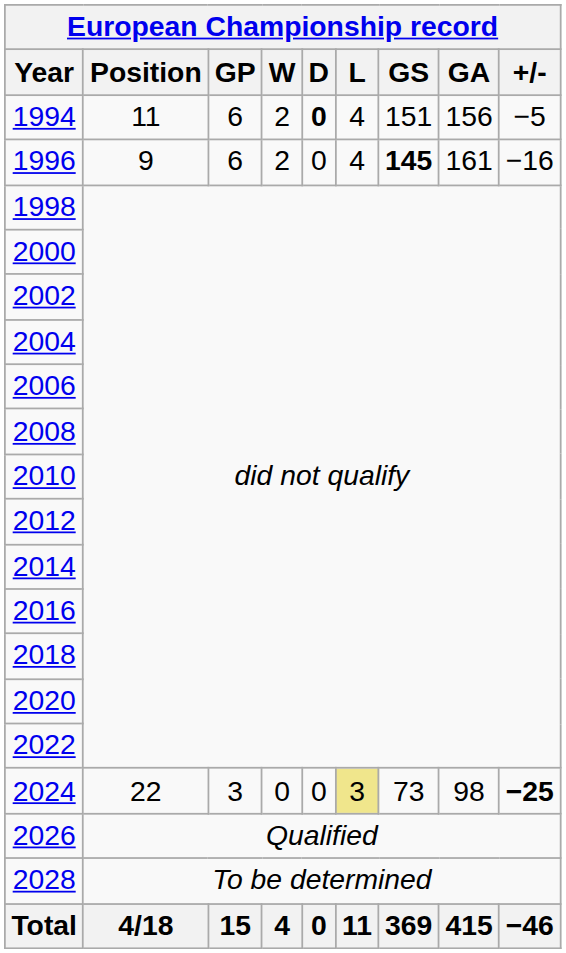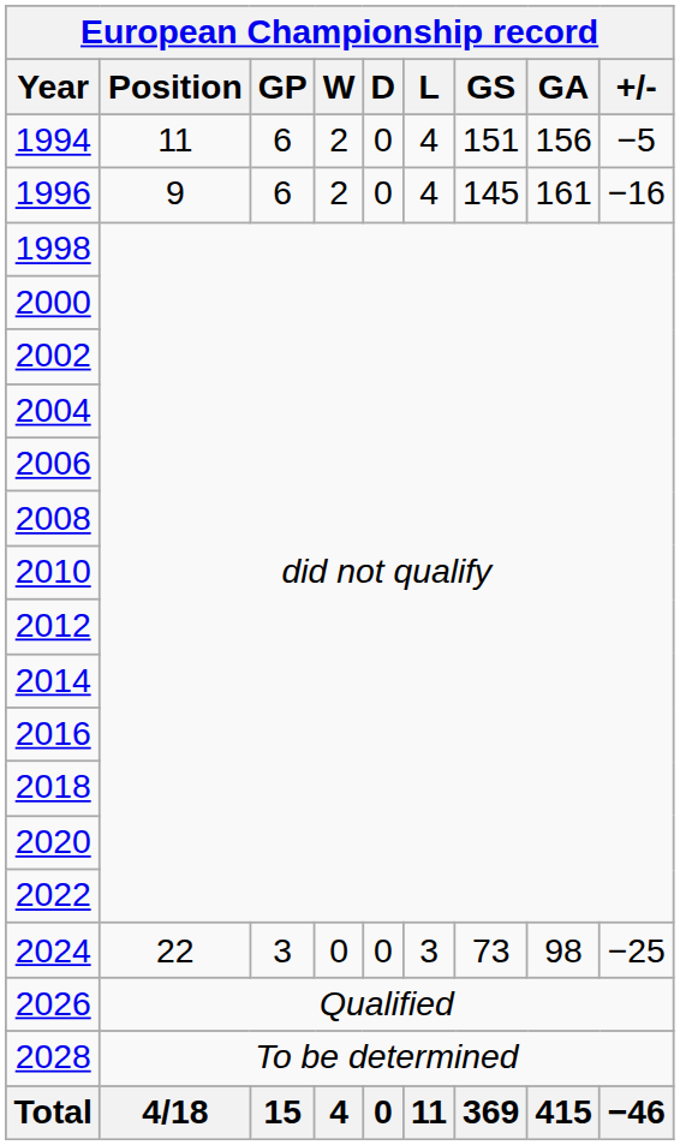 <table class="wikitable" style="text-align: center;">
 <tr>
 <th colspan=10><a href='#'>European Championship record</a></th>
 </tr>
 <tr>
 <th>Year</th>
 <th>Position</th>
 <th>GP</th>
 <th>W</th>
 <th>D</th>
 <th>L</th>
 <th>GS</th>
 <th>GA</th>
 <th>+/-</th>
 </tr>
 <tr>
 <td> <a href='#'>1994</a></td>
 <td>11</td>
 <td>6</td>
 <td>2</td>
-<td><strong>0</strong></td>
+<td>0</td>
 <td>4</td>
 <td>151</td>
 <td>156</td>
 <td>−5</td>
 </tr>
 <tr>
 <td> <a href='#'>1996</a></td>
 <td>9</td>
 <td>6</td>
 <td>2</td>
 <td>0</td>
 <td>4</td>
-<td><strong>145</strong></td>
+<td>145</td>
 <td>161</td>
 <td>−16</td>
 </tr>
 <tr>
 <td> <a href='#'>1998</a></td>
 <td colspan="8" rowspan="13"><em>did not qualify</em></td>
 </tr>
 <tr>
 <td> <a href='#'>2000</a></td>
 </tr>
 <tr>
 <td> <a href='#'>2002</a></td>
 </tr>
 <tr>
 <td> <a href='#'>2004</a></td>
 </tr>
 <tr>
 <td> <a href='#'>2006</a></td>
 </tr>
 <tr>
 <td> <a href='#'>2008</a></td>
 </tr>
 <tr>
 <td> <a href='#'>2010</a></td>
 </tr>
 <tr>
 <td> <a href='#'>2012</a></td>
 </tr>
 <tr>
 <td> <a href='#'>2014</a></td>
 </tr>
 <tr>
 <td> <a href='#'>2016</a></td>
 </tr>
 <tr>
 <td> <a href='#'>2018</a></td>
 </tr>
 <tr>
 <td>  <a href='#'>2020</a></td>
 </tr>
 <tr>
 <td> <a href='#'>2022</a></td>
 </tr>
 <tr>
 <td> <a href='#'>2024</a></td>
 <td>22</td>
 <td>3</td>
 <td>0</td>
 <td>0</td>
-<td style="background: khaki;">3</td>
+<td>3</td>
 <td>73</td>
 <td>98</td>
-<td><strong>−25</strong></td>
+<td>−25</td>
 </tr>
 <tr>
 <td> <a href='#'>2026</a></td>
 <td colspan="8"><em>Qualified</em></td>
 </tr>
 <tr>
 <td> <a href='#'>2028</a></td>
 <td colspan="8"><em>To be determined</em></td>
 </tr>
 <tr>
 <th>Total</th>
 <th>4/18</th>
 <th>15</th>
 <th>4</th>
 <th>0</th>
 <th>11</th>
 <th>369</th>
 <th>415</th>
 <th>−46</th>
 </tr>
 </table>
